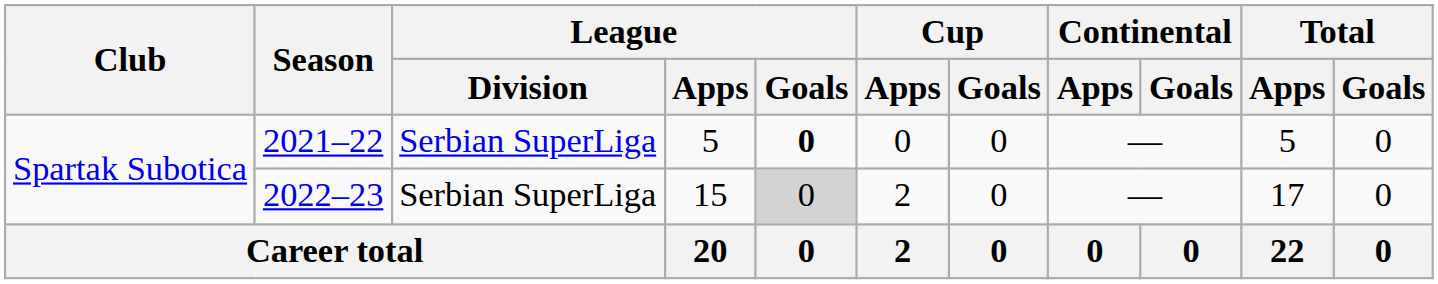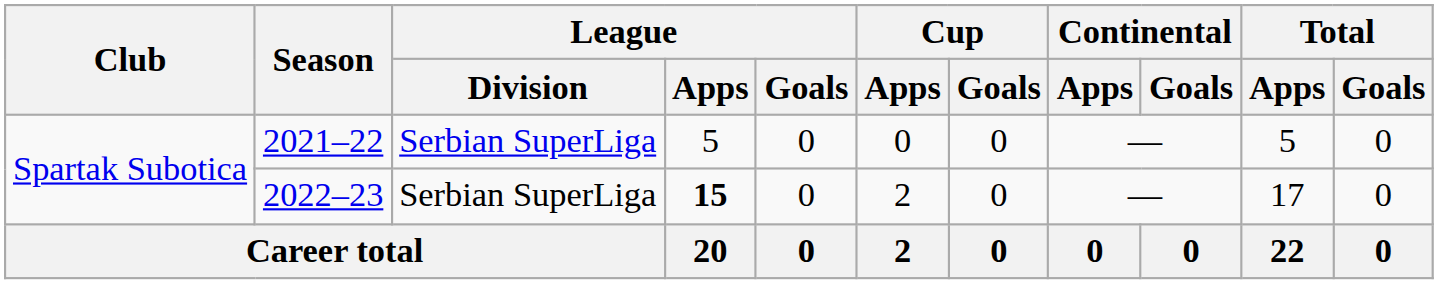 <table class="wikitable" Style="text-align:center">
 <tr>
 <th rowspan="2">Club</th>
 <th rowspan="2">Season</th>
 <th colspan="3">League</th>
 <th colspan="2">Cup</th>
 <th colspan="2">Continental</th>
 <th colspan="2">Total</th>
 </tr>
 <tr>
 <th>Division</th>
 <th>Apps</th>
 <th>Goals</th>
 <th>Apps</th>
 <th>Goals</th>
 <th>Apps</th>
 <th>Goals</th>
 <th>Apps</th>
 <th>Goals</th>
 </tr>
 <tr>
 <td rowspan="2"><a href='#'>Spartak Subotica</a></td>
 <td><a href='#'>2021–22</a></td>
 <td><a href='#'>Serbian SuperLiga</a></td>
 <td>5</td>
-<td><strong>0</strong></td>
+<td>0</td>
 <td>0</td>
 <td>0</td>
 <td colspan="2">—</td>
 <td>5</td>
 <td>0</td>
 </tr>
 <tr>
 <td><a href='#'>2022–23</a></td>
 <td>Serbian SuperLiga</td>
-<td>15</td>
-<td style="background: lightgrey;">0</td>
+<td><strong>15</strong></td>
+<td>0</td>
 <td>2</td>
 <td>0</td>
 <td colspan="2">—</td>
 <td>17</td>
 <td>0</td>
 </tr>
 <tr>
 <th colspan="3">Career total</th>
 <th>20</th>
 <th>0</th>
 <th>2</th>
 <th>0</th>
 <th>0</th>
 <th>0</th>
 <th>22</th>
 <th>0</th>
 </tr>
 </table>
